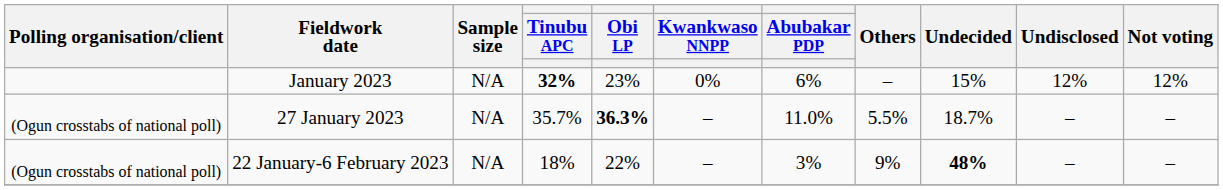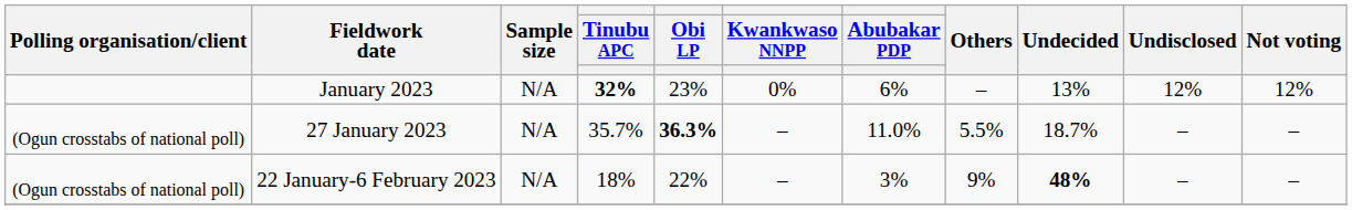 <table class="wikitable" style="text-align:center;font-size:95%;line-height:14px;">
 <tr>
 <th rowspan="3">Polling organisation/client</th>
 <th rowspan="3">Fieldwork<br>date</th>
 <th rowspan="3">Sample<br>size</th>
 <th></th>
 <th></th>
 <th></th>
 <th></th>
 <th rowspan="3">Others</th>
 <th rowspan="3">Undecided</th>
 <th rowspan="3">Undisclosed</th>
 <th rowspan="3">Not voting</th>
 </tr>
 <tr>
 <th><a href='#'>Tinubu</a><br><small><a href='#'>APC</a></small></th>
 <th><a href='#'>Obi</a><br><small><a href='#'>LP</a></small></th>
 <th><a href='#'>Kwankwaso</a><br><small><a href='#'>NNPP</a></small></th>
 <th><a href='#'>Abubakar</a><br><small><a href='#'>PDP</a></small></th>
 </tr>
 <tr>
 <th style="background:"></th>
 <th style="background:"></th>
 <th style="background:"></th>
 <th style="background:"></th>
 </tr>
 <tr>
 <td></td>
 <td>January 2023</td>
 <td>N/A</td>
 <td><strong>32%</strong></td>
 <td>23%</td>
 <td>0%</td>
 <td>6%</td>
 <td>–</td>
-<td>15%</td>
+<td>13%</td>
 <td>12%</td>
 <td>12%</td>
 </tr>
 <tr>
 <td><br><small>(Ogun crosstabs of national poll)</small></td>
 <td>27 January 2023</td>
 <td>N/A</td>
 <td>35.7%</td>
 <td><strong>36.3%</strong></td>
 <td>–</td>
 <td>11.0%</td>
 <td>5.5%</td>
 <td>18.7%</td>
 <td>–</td>
 <td>–</td>
 </tr>
 <tr>
 <td><br><small>(Ogun crosstabs of national poll)</small></td>
 <td>22 January-6 February 2023</td>
 <td>N/A</td>
 <td>18%</td>
 <td>22%</td>
 <td>–</td>
 <td>3%</td>
 <td>9%</td>
 <td><strong>48%</strong></td>
 <td>–</td>
 <td>–</td>
 </tr>
 <tr>
 </tr>
 </table>
